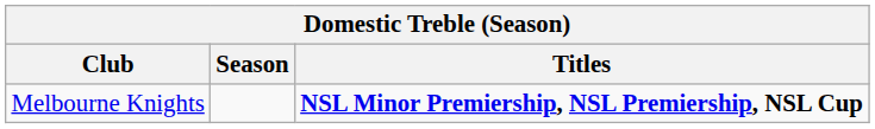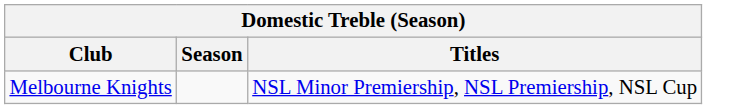 <table class="wikitable">
 <tr>
 <th colspan="3">Domestic Treble (Season)</th>
 </tr>
 <tr>
 <th>Club</th>
 <th>Season</th>
 <th>Titles</th>
 </tr>
 <tr>
 <td><a href='#'>Melbourne Knights</a></td>
 <td></td>
-<td><strong><a href='#'>NSL Minor Premiership</a>, <a href='#'>NSL Premiership</a>, NSL Cup</strong></td>
+<td><a href='#'>NSL Minor Premiership</a>, <a href='#'>NSL Premiership</a>, NSL Cup</td>
 </tr>
 </table>
